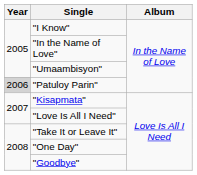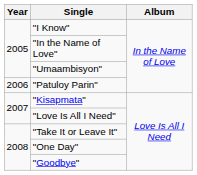 <table class="wikitable">
 <tr>
 <th width="30" rowspan="1">Year</th>
 <th width="150" rowspan="1">Single</th>
 <th width="100" rowspan="1">Album</th>
 </tr>
 <tr>
 <td rowspan="3">2005</td>
 <td>"I Know"</td>
 <td align="center" rowspan="4"><em><a href='#'>In the Name of Love</a></em></td>
 </tr>
 <tr>
 <td>"In the Name of Love"</td>
 </tr>
 <tr>
 <td>"Umaambisyon"</td>
 </tr>
 <tr>
-<td rowspan="1" style="background: lightgrey;">2006</td>
+<td rowspan="1">2006</td>
 <td>"Patuloy Parin"</td>
 </tr>
 <tr>
 <td rowspan="2">2007</td>
 <td>"<a href='#'>Kisapmata</a>" </td>
 <td align="center" rowspan="8"><em><a href='#'>Love Is All I Need</a></em></td>
 </tr>
 <tr>
 <td>"Love Is All I Need"</td>
 </tr>
 <tr>
 <td rowspan="3">2008</td>
 <td>"Take It or Leave It"</td>
 </tr>
 <tr>
 <td>"One Day"</td>
 </tr>
 <tr>
 <td>"<a href='#'>Goodbye</a>"</td>
 </tr>
 </table>
